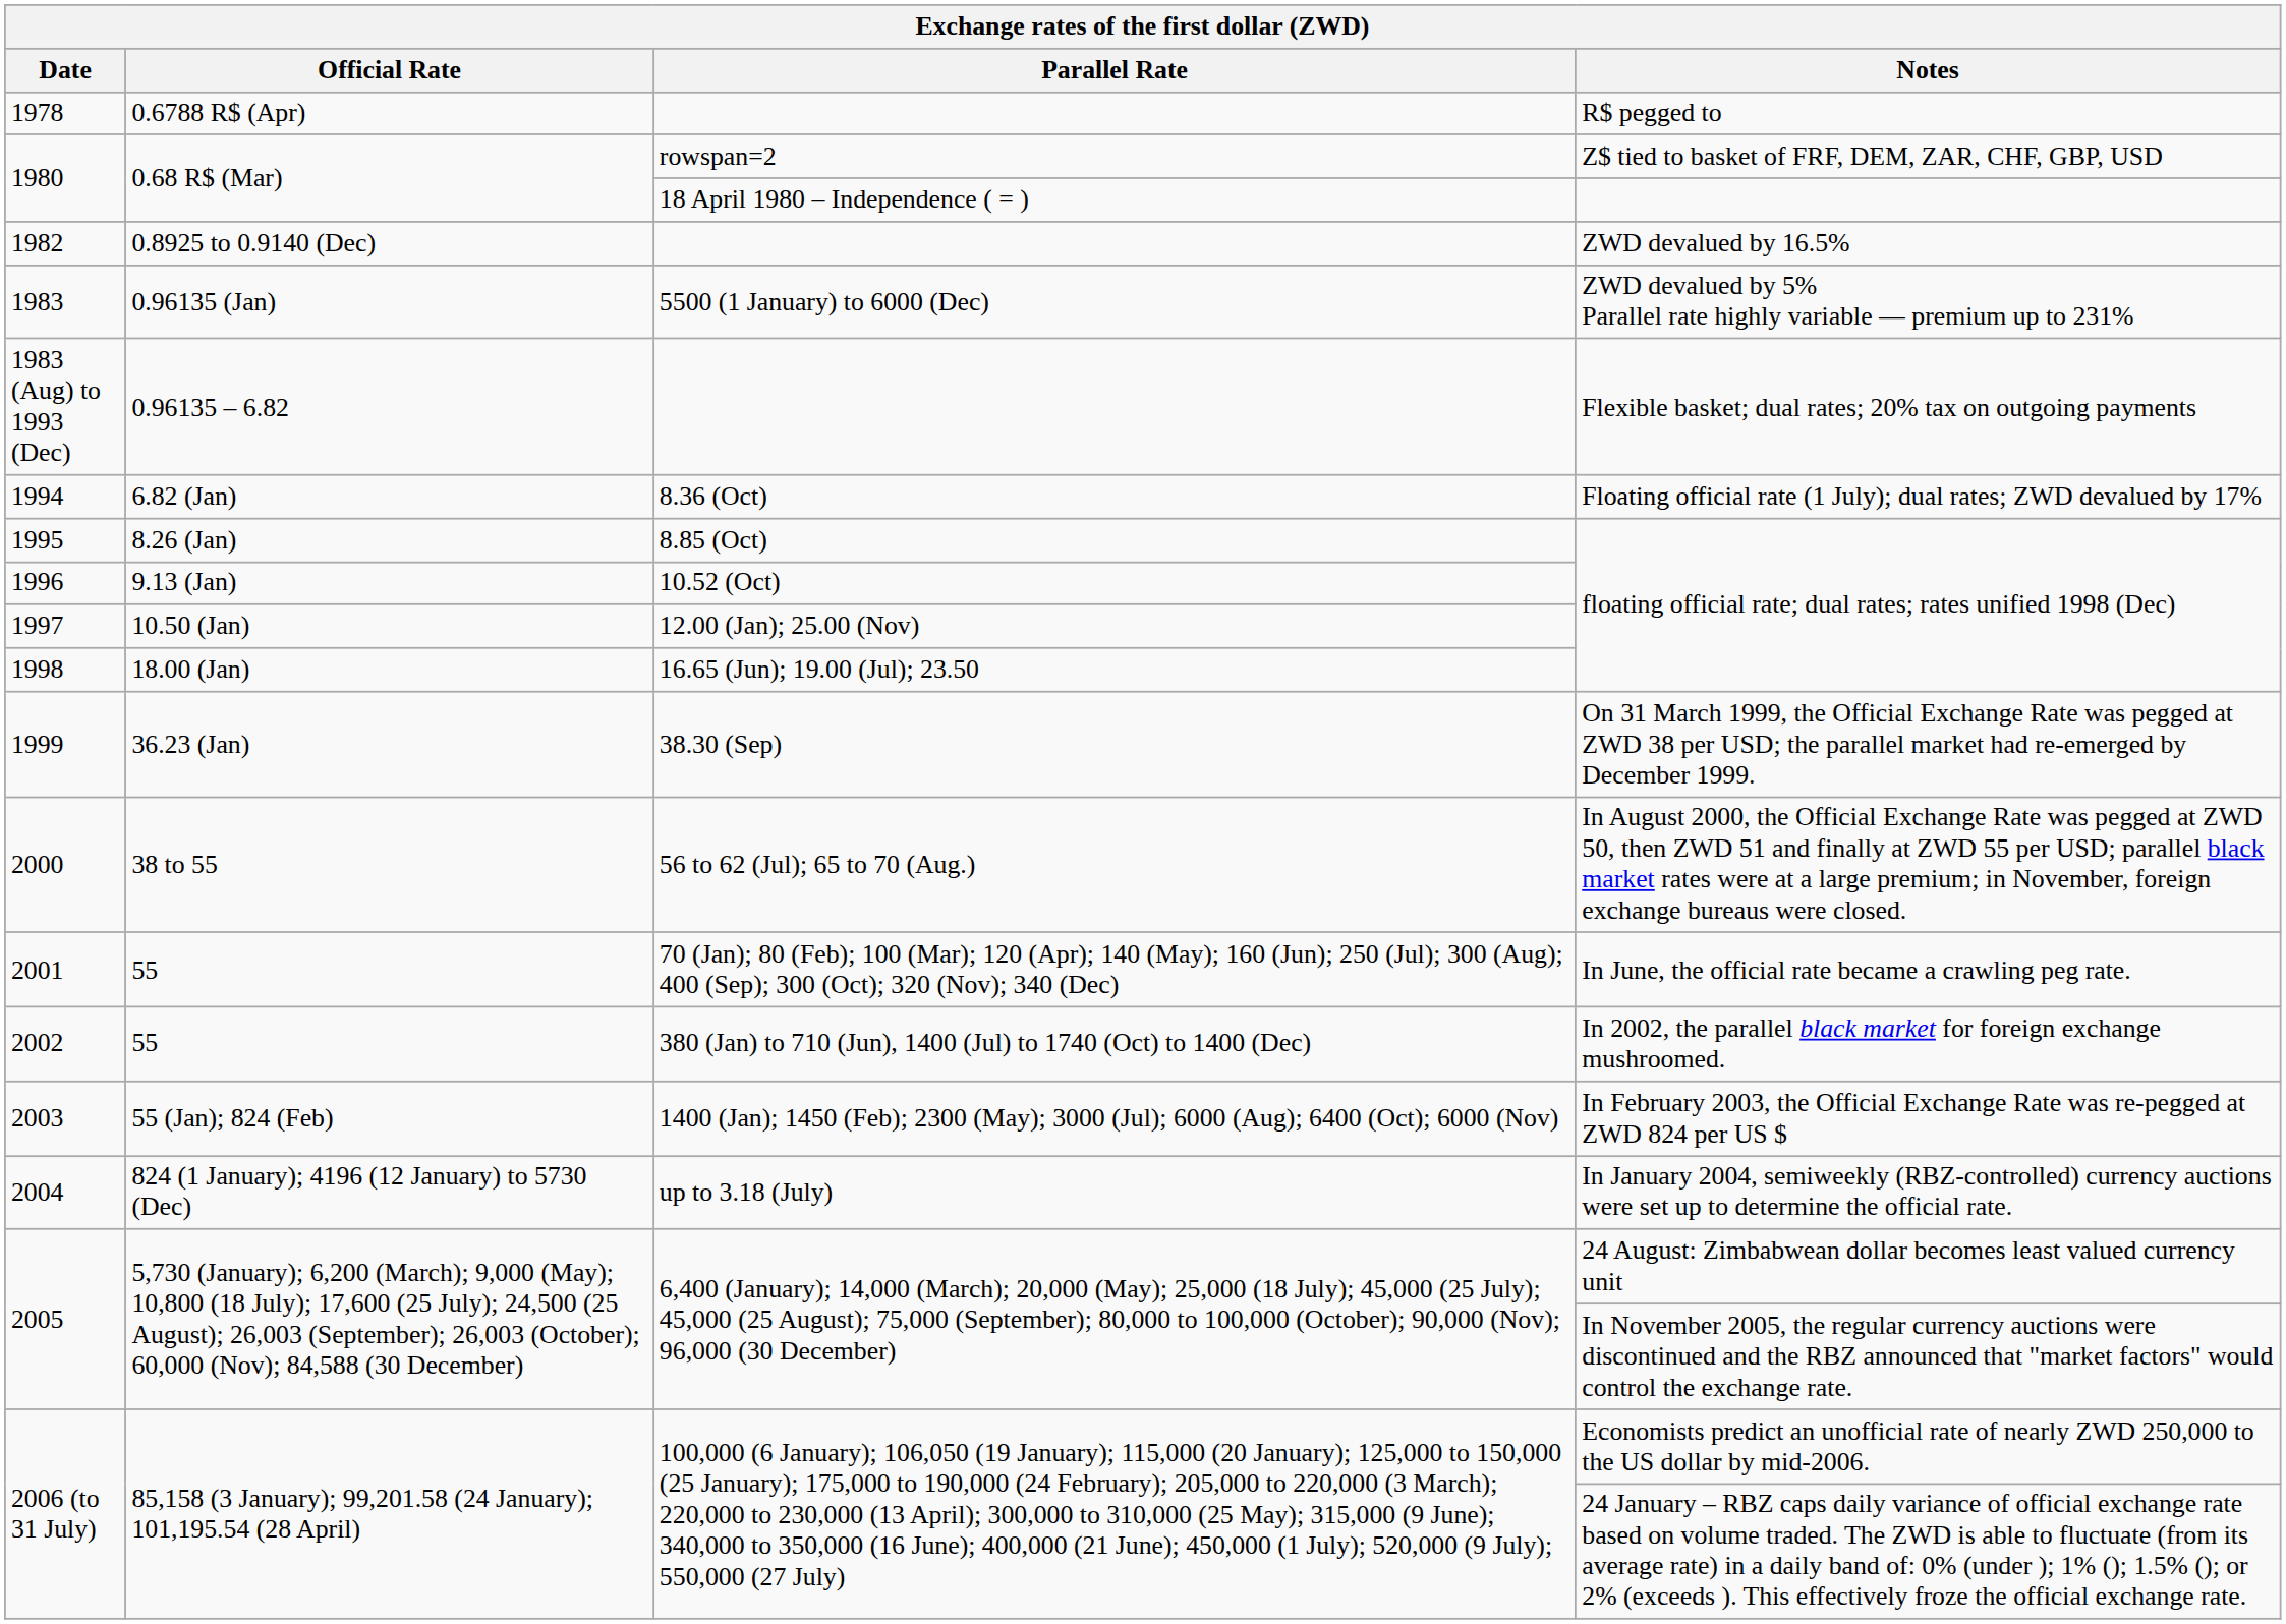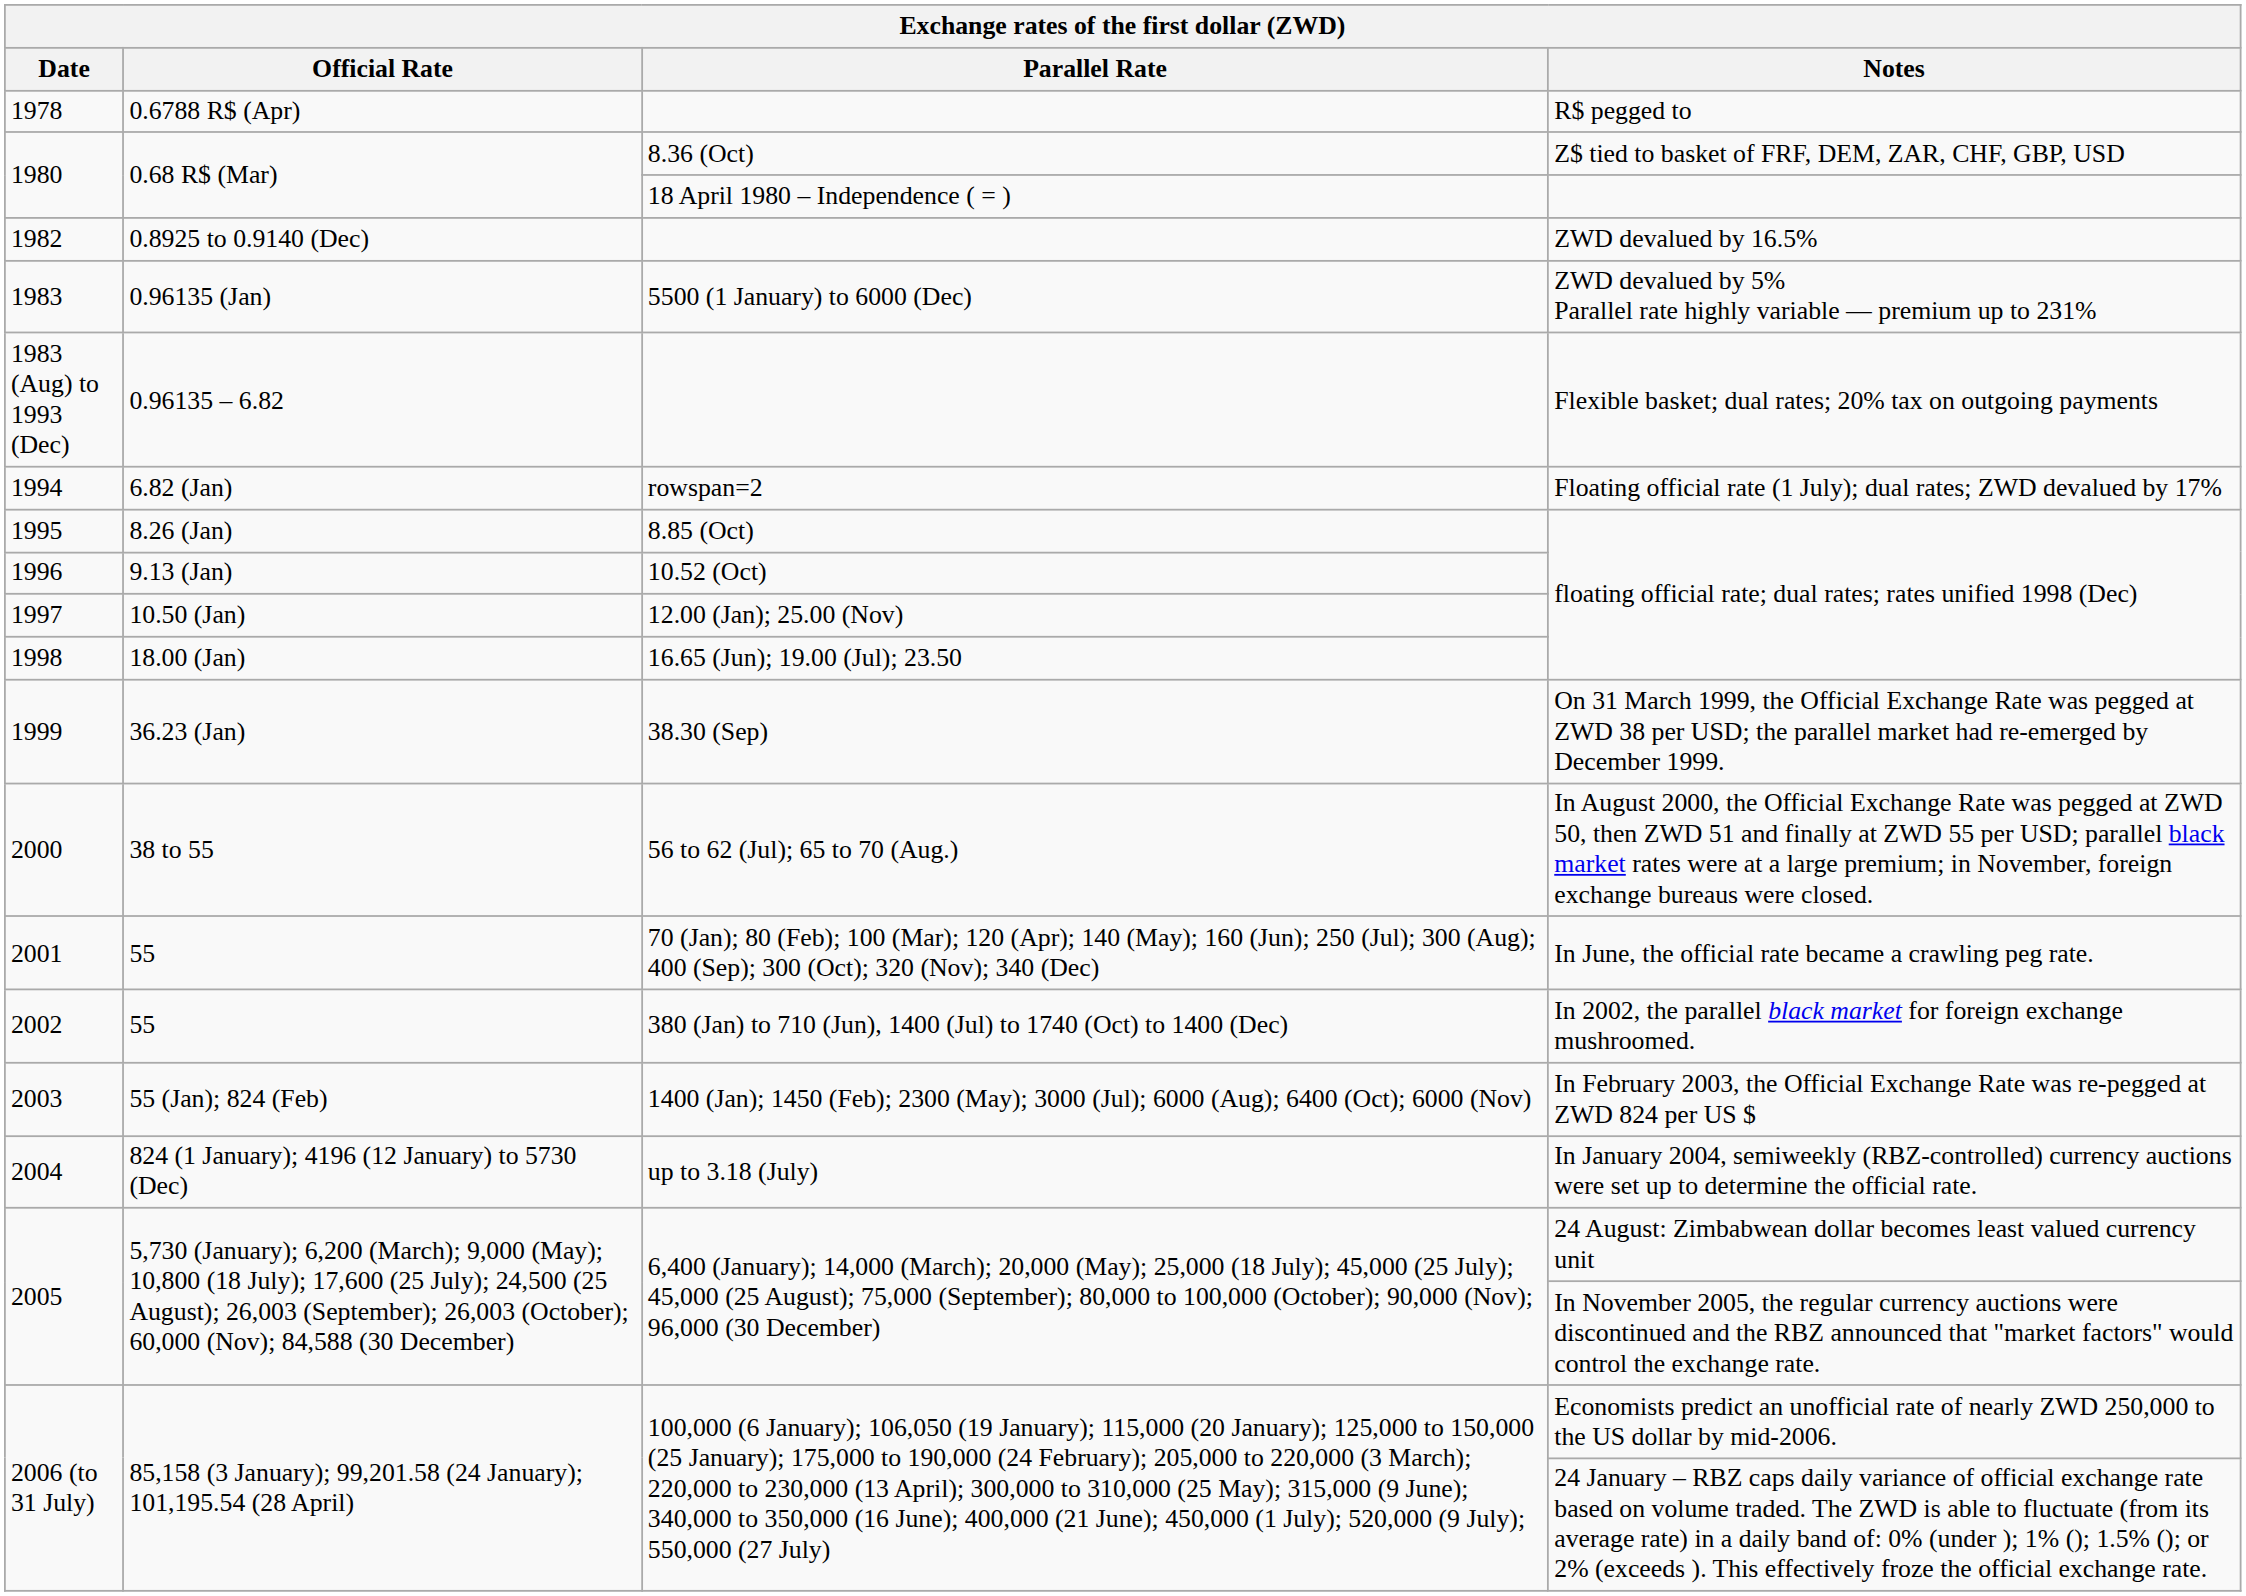 <table class="wikitable collapsible autocollapse" style="font-size: 90%">
 <tr>
 <th colspan=4>Exchange rates of the first dollar (ZWD)</th>
 </tr>
 <tr>
 <th>Date</th>
 <th>Official Rate</th>
 <th>Parallel Rate</th>
 <th>Notes</th>
 </tr>
 <tr>
 <td>1978</td>
 <td>0.6788 R$ (Apr)</td>
 <td></td>
 <td>R$ pegged to </td>
 </tr>
 <tr>
 <td rowspan=2>1980</td>
 <td rowspan=2>0.68 R$ (Mar)</td>
-<td>rowspan=2 </td>
+<td>8.36 (Oct)</td>
 <td>Z$ tied to basket of FRF, DEM, ZAR, CHF, GBP, USD</td>
 </tr>
 <tr>
 <td>18 April 1980 – Independence ( = )</td>
 </tr>
 <tr>
 <td>1982</td>
 <td>0.8925 to 0.9140 (Dec)</td>
 <td></td>
 <td>ZWD devalued by 16.5%</td>
 </tr>
 <tr>
 <td>1983</td>
 <td>0.96135 (Jan)</td>
 <td>5500 (1 January) to 6000 (Dec)</td>
 <td>ZWD devalued by 5%<br>Parallel rate highly variable — premium up to 231%</td>
 </tr>
 <tr>
 <td>1983 (Aug) to 1993 (Dec)</td>
 <td>0.96135 – 6.82</td>
 <td></td>
 <td>Flexible basket; dual rates; 20% tax on outgoing payments</td>
 </tr>
 <tr>
 <td>1994</td>
 <td>6.82 (Jan)</td>
-<td>8.36 (Oct)</td>
+<td>rowspan=2 </td>
 <td>Floating official rate (1 July); dual rates; ZWD devalued by 17%</td>
 </tr>
 <tr>
 <td>1995</td>
 <td>8.26 (Jan)</td>
 <td>8.85 (Oct)</td>
 <td rowspan=4>floating official rate; dual rates; rates unified 1998 (Dec)</td>
 </tr>
 <tr>
 <td>1996</td>
 <td>9.13 (Jan)</td>
 <td>10.52 (Oct)</td>
 </tr>
 <tr>
 <td>1997</td>
 <td>10.50 (Jan)</td>
 <td>12.00 (Jan); 25.00 (Nov)</td>
 </tr>
 <tr>
 <td>1998</td>
 <td>18.00 (Jan)</td>
 <td>16.65 (Jun); 19.00 (Jul); 23.50</td>
 </tr>
 <tr>
 <td>1999</td>
 <td>36.23 (Jan)</td>
 <td>38.30 (Sep)</td>
 <td>On 31 March 1999, the Official Exchange Rate was pegged at ZWD 38 per USD; the parallel market had re-emerged by December 1999.</td>
 </tr>
 <tr>
 <td>2000</td>
 <td>38 to 55</td>
 <td>56 to 62 (Jul); 65 to 70 (Aug.)</td>
 <td>In August 2000, the Official Exchange Rate was pegged at ZWD 50, then ZWD 51 and finally at ZWD 55 per USD; parallel <a href='#'>black market</a> rates were at a large premium; in November, foreign exchange bureaus were closed.</td>
 </tr>
 <tr>
 <td>2001</td>
 <td>55</td>
 <td>70 (Jan); 80 (Feb); 100 (Mar); 120 (Apr); 140 (May); 160 (Jun); 250 (Jul); 300 (Aug); 400 (Sep); 300 (Oct); 320 (Nov); 340 (Dec)</td>
 <td>In June, the official rate became a crawling peg rate.</td>
 </tr>
 <tr>
 <td>2002</td>
 <td>55</td>
 <td>380 (Jan) to 710 (Jun), 1400 (Jul) to 1740 (Oct) to 1400 (Dec)</td>
 <td>In 2002, the parallel <em><a href='#'>black market</a></em> for foreign exchange mushroomed.</td>
 </tr>
 <tr>
 <td>2003</td>
 <td>55 (Jan); 824 (Feb)</td>
 <td>1400 (Jan); 1450 (Feb); 2300 (May); 3000 (Jul); 6000 (Aug); 6400 (Oct); 6000 (Nov)</td>
 <td>In February 2003, the Official Exchange Rate was re-pegged at ZWD 824 per US $</td>
 </tr>
 <tr>
 <td>2004</td>
 <td>824 (1 January); 4196 (12 January) to 5730 (Dec)</td>
 <td>up to 3.18 (July)</td>
 <td>In January 2004, semiweekly (RBZ-controlled) currency auctions were set up to determine the official rate.</td>
 </tr>
 <tr>
 <td rowspan=2>2005</td>
 <td rowspan=2>5,730 (January); 6,200 (March); 9,000 (May); 10,800 (18 July); 17,600 (25 July); 24,500 (25 August); 26,003 (September); 26,003 (October); 60,000 (Nov); 84,588 (30 December)</td>
 <td rowspan=2>6,400 (January); 14,000 (March); 20,000 (May); 25,000 (18 July); 45,000 (25 July); 45,000 (25 August); 75,000 (September); 80,000 to 100,000 (October); 90,000 (Nov); 96,000 (30 December)</td>
 <td>24 August: Zimbabwean dollar becomes least valued currency unit</td>
 </tr>
 <tr>
 <td>In November 2005, the regular currency auctions were discontinued and the RBZ announced that "market factors" would control the exchange rate.</td>
 </tr>
 <tr>
 <td rowspan=2>2006 (to 31 July)</td>
 <td rowspan=2>85,158 (3 January); 99,201.58 (24 January); 101,195.54 (28 April)</td>
 <td rowspan=2>100,000 (6 January); 106,050 (19 January); 115,000 (20 January); 125,000 to 150,000 (25 January); 175,000 to 190,000 (24 February); 205,000 to 220,000 (3 March); 220,000 to 230,000 (13 April); 300,000 to 310,000 (25 May); 315,000 (9 June); 340,000 to 350,000 (16 June); 400,000 (21 June); 450,000 (1 July); 520,000 (9 July); 550,000 (27 July)</td>
 <td>Economists predict an unofficial rate of nearly ZWD 250,000 to the US dollar by mid-2006.</td>
 </tr>
 <tr>
 <td>24 January – RBZ caps daily variance of official exchange rate based on volume traded. The ZWD is able to fluctuate (from its average rate) in a daily band of: 0% (under ); 1% (); 1.5% (); or 2% (exceeds ). This effectively froze the official exchange rate.</td>
 </tr>
 </table>
